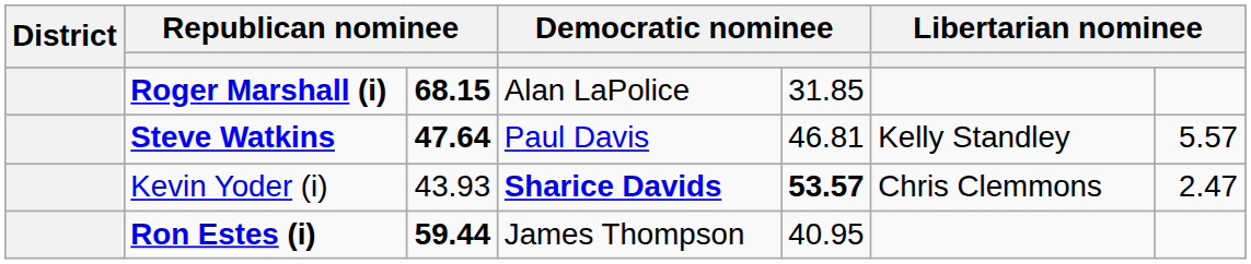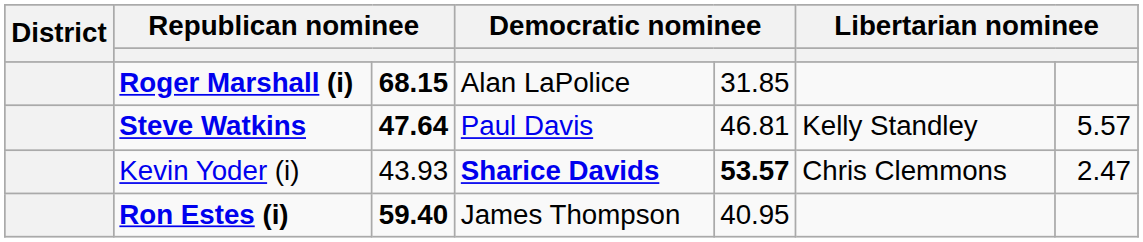 <table class="wikitable">
 <tr>
 <th rowspan=2>District</th>
 <th style="width:190px;" colspan=2>Republican nominee</th>
 <th style="width:190px;" colspan=2>Democratic nominee</th>
 <th style="width:190px;" colspan=2>Libertarian nominee</th>
 </tr>
 <tr>
 <th colspan=2 style="background:"></th>
 <th colspan=2 style="background:"></th>
 <th colspan=2 style="background:"></th>
 </tr>
 <tr>
 <th></th>
 <td><strong><a href='#'>Roger Marshall</a> (i)</strong></td>
 <td style="width:40px; text-align:right;"><strong>68.15</strong></td>
 <td>Alan LaPolice</td>
 <td style="width:40px; text-align:right;">31.85</td>
 <td></td>
 <td style="width:40px;"></td>
 </tr>
 <tr>
 <th></th>
 <td><strong><a href='#'>Steve Watkins</a></strong></td>
 <td style="text-align:right;"><strong>47.64</strong></td>
 <td><a href='#'>Paul Davis</a></td>
 <td style="text-align:right;">46.81</td>
 <td>Kelly Standley</td>
 <td style="text-align:right;">5.57</td>
 </tr>
 <tr>
 <th></th>
 <td><a href='#'>Kevin Yoder</a> (i)</td>
 <td style="text-align:right;">43.93</td>
 <td><strong><a href='#'>Sharice Davids</a></strong></td>
 <td style="text-align:right;"><strong>53.57</strong></td>
 <td>Chris Clemmons</td>
 <td style="text-align:right;">2.47</td>
 </tr>
 <tr>
 <th></th>
 <td><strong><a href='#'>Ron Estes</a> (i)</strong></td>
-<td style="text-align:right;"><strong>59.44</strong></td>
+<td style="text-align:right;"><strong>59.40</strong></td>
 <td>James Thompson</td>
 <td style="text-align:right;">40.95</td>
 <td></td>
 <td></td>
 </tr>
 </table>
